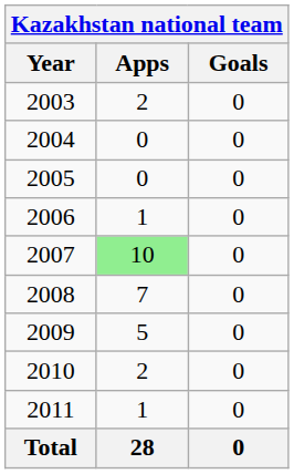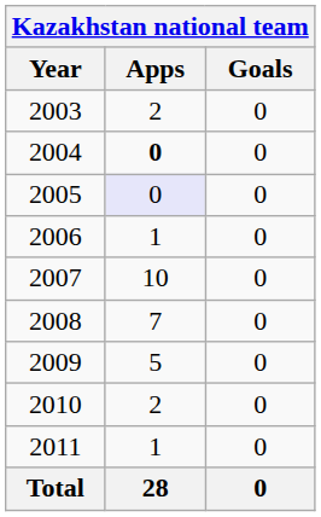 <table class="wikitable" style="text-align:center">
 <tr>
 <th colspan=3><a href='#'>Kazakhstan national team</a></th>
 </tr>
 <tr>
 <th>Year</th>
 <th>Apps</th>
 <th>Goals</th>
 </tr>
 <tr>
 <td>2003</td>
 <td>2</td>
 <td>0</td>
 </tr>
 <tr>
 <td>2004</td>
-<td>0</td>
+<td><strong>0</strong></td>
 <td>0</td>
 </tr>
 <tr>
 <td>2005</td>
-<td>0</td>
+<td style="background: lavender;">0</td>
 <td>0</td>
 </tr>
 <tr>
 <td>2006</td>
 <td>1</td>
 <td>0</td>
 </tr>
 <tr>
 <td>2007</td>
-<td style="background: lightgreen;">10</td>
+<td>10</td>
 <td>0</td>
 </tr>
 <tr>
 <td>2008</td>
 <td>7</td>
 <td>0</td>
 </tr>
 <tr>
 <td>2009</td>
 <td>5</td>
 <td>0</td>
 </tr>
 <tr>
 <td>2010</td>
 <td>2</td>
 <td>0</td>
 </tr>
 <tr>
 <td>2011</td>
 <td>1</td>
 <td>0</td>
 </tr>
 <tr>
 <th>Total</th>
 <th>28</th>
 <th>0</th>
 </tr>
 </table>
